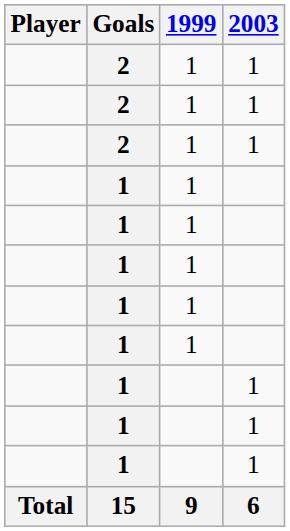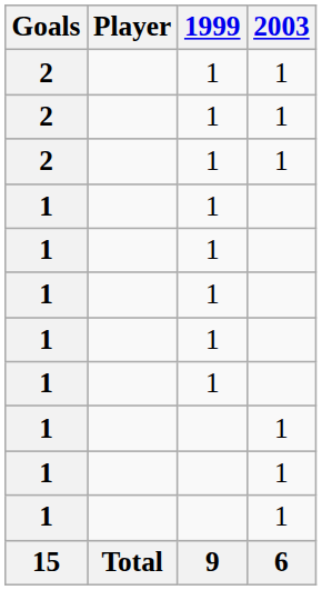 <table class="wikitable sortable" style="text-align:center;">
 <tr>
+<th>Goals</th>
 <th>Player</th>
-<th>Goals</th>
 <th><a href='#'>1999</a></th>
 <th><a href='#'>2003</a></th>
 </tr>
 <tr>
+<th>2</th>
 <td align="left"></td>
-<th>2</th>
 <td>1</td>
 <td>1</td>
 </tr>
 <tr>
+<th>2</th>
 <td align="left"></td>
-<th>2</th>
 <td>1</td>
 <td>1</td>
 </tr>
 <tr>
+<th>2</th>
 <td align="left"></td>
-<th>2</th>
 <td>1</td>
 <td>1</td>
 </tr>
 <tr>
+<th>1</th>
 <td align="left"></td>
-<th>1</th>
 <td>1</td>
 <td></td>
 </tr>
 <tr>
+<th>1</th>
 <td align="left"></td>
-<th>1</th>
 <td>1</td>
 <td></td>
 </tr>
 <tr>
+<th>1</th>
 <td align="left"></td>
-<th>1</th>
 <td>1</td>
 <td></td>
 </tr>
 <tr>
+<th>1</th>
 <td align="left"></td>
-<th>1</th>
 <td>1</td>
 <td></td>
 </tr>
 <tr>
+<th>1</th>
 <td align="left"></td>
-<th>1</th>
 <td>1</td>
 <td></td>
 </tr>
 <tr>
+<th>1</th>
 <td align="left"></td>
-<th>1</th>
 <td></td>
 <td>1</td>
 </tr>
 <tr>
+<th>1</th>
 <td align="left"></td>
-<th>1</th>
 <td></td>
 <td>1</td>
 </tr>
 <tr>
+<th>1</th>
 <td align="left"></td>
-<th>1</th>
 <td></td>
 <td>1</td>
 </tr>
 <tr class="sortbottom">
+<th>15</th>
 <th>Total</th>
-<th>15</th>
 <th>9</th>
 <th>6</th>
 </tr>
 </table>
